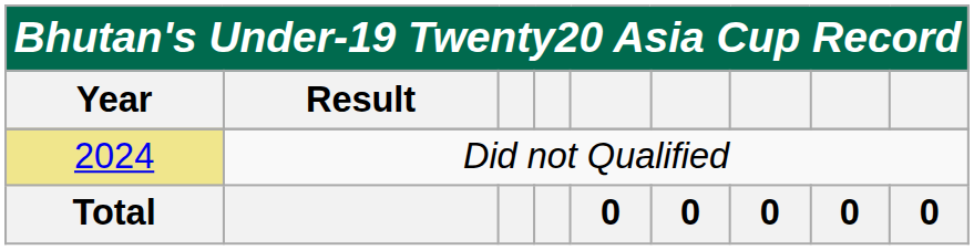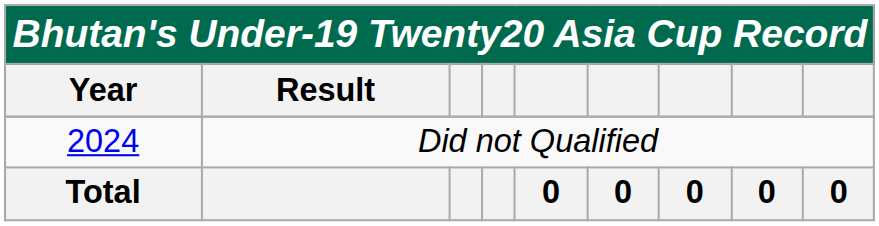 <table class="wikitable" style="text-align:center">
 <tr>
 <th style="color:white; background:#006A4E;" colspan=9><strong><big><em>Bhutan's  Under-19 Twenty20 Asia Cup Record</em></big></strong></th>
 </tr>
 <tr>
 <th>Year</th>
 <th>Result</th>
 <th></th>
 <th></th>
 <th></th>
 <th></th>
 <th></th>
 <th></th>
 <th></th>
 </tr>
 <tr bgcolor=pink>
 </tr>
 <tr>
-<td style="background: khaki;"> <a href='#'>2024</a></td>
+<td> <a href='#'>2024</a></td>
 <td colspan="8"><em>Did not Qualified</em></td>
 </tr>
 <tr>
 <th>Total</th>
 <th></th>
 <th></th>
 <th></th>
 <th>0</th>
 <th>0</th>
 <th>0</th>
 <th>0</th>
 <th>0</th>
 </tr>
 </table>
